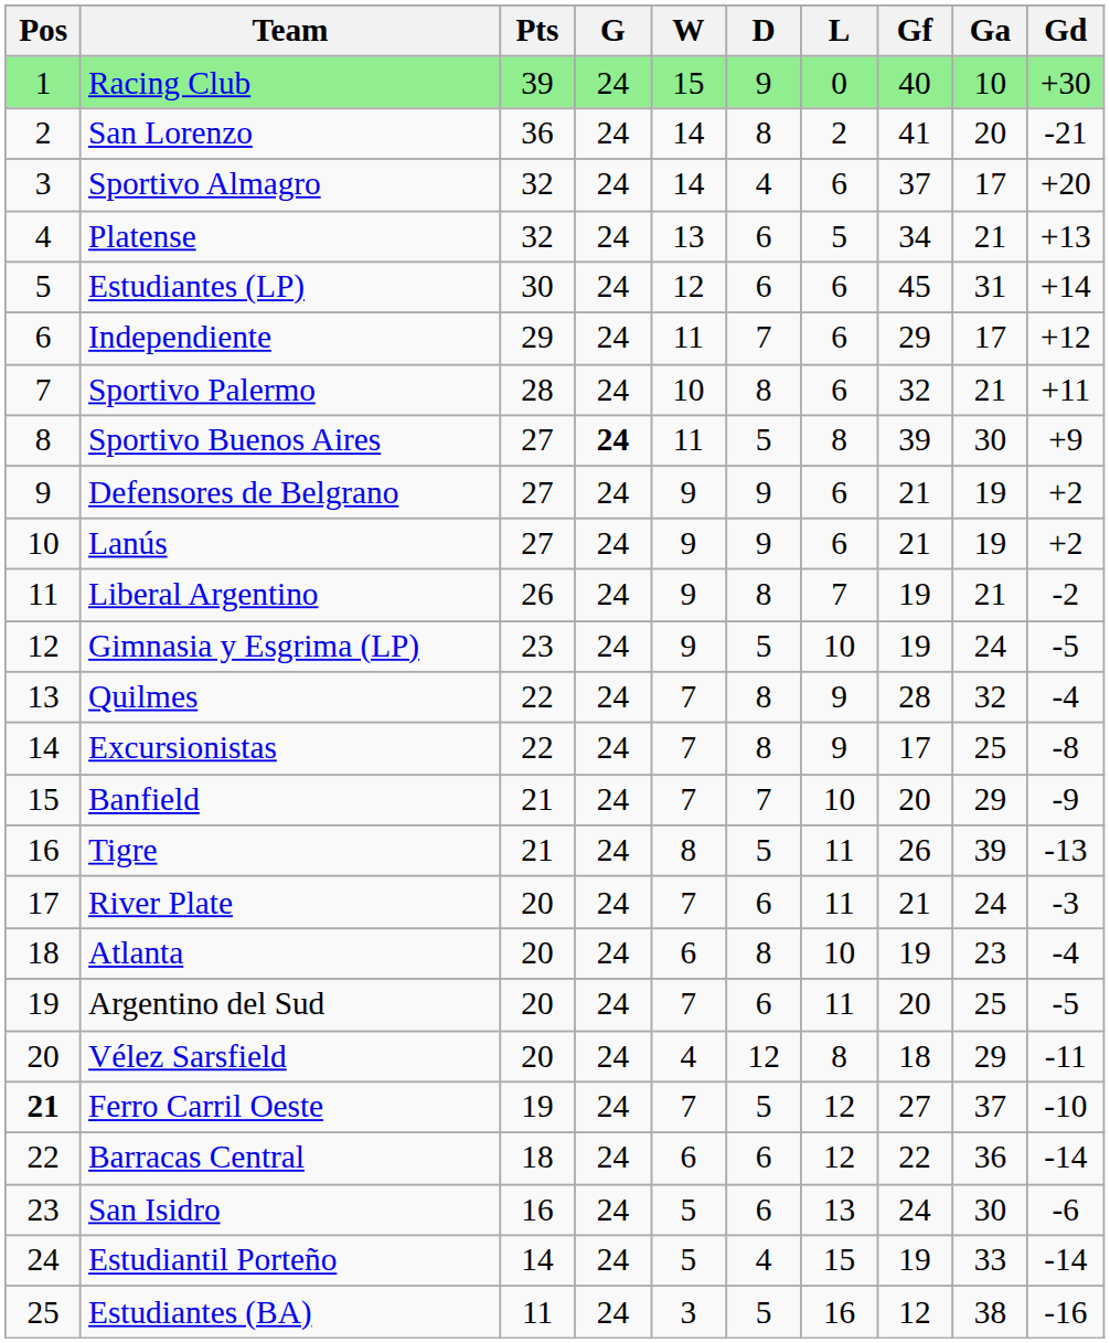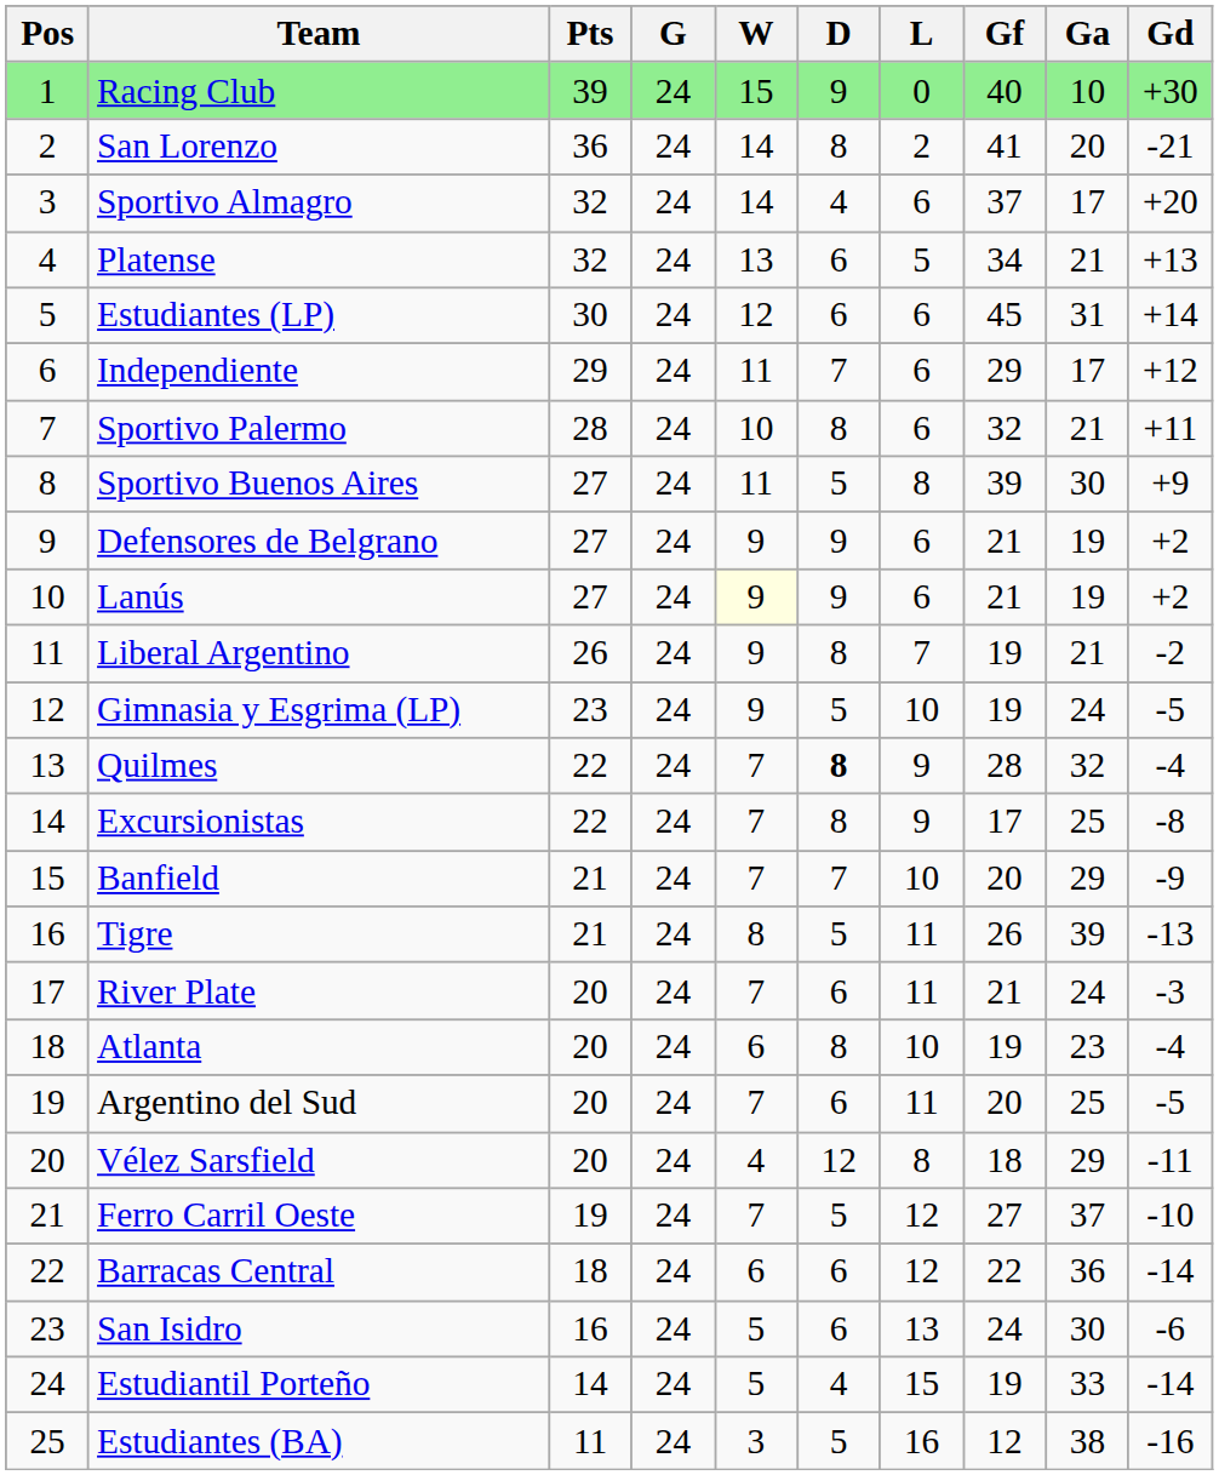 <table class="wikitable" style="text-align:center">
 <tr>
 <th width=30px>Pos</th>
 <th width=200px>Team</th>
 <th width=30px>Pts</th>
 <th width=30px>G</th>
 <th width=30px>W</th>
 <th width=30px>D</th>
 <th width=30px>L</th>
 <th width=30px>Gf</th>
 <th width=30px>Ga</th>
 <th width=30px>Gd</th>
 </tr>
 <tr bgcolor="lightgreen">
 <td>1</td>
 <td align="left"><a href='#'>Racing Club</a></td>
 <td>39</td>
 <td>24</td>
 <td>15</td>
 <td>9</td>
 <td>0</td>
 <td>40</td>
 <td>10</td>
 <td>+30</td>
 </tr>
 <tr>
 <td>2</td>
 <td align="left"><a href='#'>San Lorenzo</a></td>
 <td>36</td>
 <td>24</td>
 <td>14</td>
 <td>8</td>
 <td>2</td>
 <td>41</td>
 <td>20</td>
 <td>-21</td>
 </tr>
 <tr>
 <td>3</td>
 <td align="left"><a href='#'>Sportivo Almagro</a></td>
 <td>32</td>
 <td>24</td>
 <td>14</td>
 <td>4</td>
 <td>6</td>
 <td>37</td>
 <td>17</td>
 <td>+20</td>
 </tr>
 <tr>
 <td>4</td>
 <td align="left"><a href='#'>Platense</a></td>
 <td>32</td>
 <td>24</td>
 <td>13</td>
 <td>6</td>
 <td>5</td>
 <td>34</td>
 <td>21</td>
 <td>+13</td>
 </tr>
 <tr>
 <td>5</td>
 <td align="left"><a href='#'>Estudiantes (LP)</a></td>
 <td>30</td>
 <td>24</td>
 <td>12</td>
 <td>6</td>
 <td>6</td>
 <td>45</td>
 <td>31</td>
 <td>+14</td>
 </tr>
 <tr>
 <td>6</td>
 <td align="left"><a href='#'>Independiente</a></td>
 <td>29</td>
 <td>24</td>
 <td>11</td>
 <td>7</td>
 <td>6</td>
 <td>29</td>
 <td>17</td>
 <td>+12</td>
 </tr>
 <tr>
 <td>7</td>
 <td align="left"><a href='#'>Sportivo Palermo</a></td>
 <td>28</td>
 <td>24</td>
 <td>10</td>
 <td>8</td>
 <td>6</td>
 <td>32</td>
 <td>21</td>
 <td>+11</td>
 </tr>
 <tr>
 <td>8</td>
 <td align="left"><a href='#'>Sportivo Buenos Aires</a></td>
 <td>27</td>
-<td><strong>24</strong></td>
+<td>24</td>
 <td>11</td>
 <td>5</td>
 <td>8</td>
 <td>39</td>
 <td>30</td>
 <td>+9</td>
 </tr>
 <tr>
 <td>9</td>
 <td align="left"><a href='#'>Defensores de Belgrano</a></td>
 <td>27</td>
 <td>24</td>
 <td>9</td>
 <td>9</td>
 <td>6</td>
 <td>21</td>
 <td>19</td>
 <td>+2</td>
 </tr>
 <tr>
 <td>10</td>
 <td align="left"><a href='#'>Lanús</a></td>
 <td>27</td>
 <td>24</td>
-<td>9</td>
+<td style="background: lightyellow;">9</td>
 <td>9</td>
 <td>6</td>
 <td>21</td>
 <td>19</td>
 <td>+2</td>
 </tr>
 <tr>
 <td>11</td>
 <td align="left"><a href='#'>Liberal Argentino</a></td>
 <td>26</td>
 <td>24</td>
 <td>9</td>
 <td>8</td>
 <td>7</td>
 <td>19</td>
 <td>21</td>
 <td>-2</td>
 </tr>
 <tr>
 <td>12</td>
 <td align="left"><a href='#'>Gimnasia y Esgrima (LP)</a></td>
 <td>23</td>
 <td>24</td>
 <td>9</td>
 <td>5</td>
 <td>10</td>
 <td>19</td>
 <td>24</td>
 <td>-5</td>
 </tr>
 <tr>
 <td>13</td>
 <td align="left"><a href='#'>Quilmes</a></td>
 <td>22</td>
 <td>24</td>
 <td>7</td>
-<td>8</td>
+<td><strong>8</strong></td>
 <td>9</td>
 <td>28</td>
 <td>32</td>
 <td>-4</td>
 </tr>
 <tr>
 <td>14</td>
 <td align="left"><a href='#'>Excursionistas</a></td>
 <td>22</td>
 <td>24</td>
 <td>7</td>
 <td>8</td>
 <td>9</td>
 <td>17</td>
 <td>25</td>
 <td>-8</td>
 </tr>
 <tr>
 <td>15</td>
 <td align="left"><a href='#'>Banfield</a></td>
 <td>21</td>
 <td>24</td>
 <td>7</td>
 <td>7</td>
 <td>10</td>
 <td>20</td>
 <td>29</td>
 <td>-9</td>
 </tr>
 <tr>
 <td>16</td>
 <td align="left"><a href='#'>Tigre</a></td>
 <td>21</td>
 <td>24</td>
 <td>8</td>
 <td>5</td>
 <td>11</td>
 <td>26</td>
 <td>39</td>
 <td>-13</td>
 </tr>
 <tr>
 <td>17</td>
 <td align="left"><a href='#'>River Plate</a></td>
 <td>20</td>
 <td>24</td>
 <td>7</td>
 <td>6</td>
 <td>11</td>
 <td>21</td>
 <td>24</td>
 <td>-3</td>
 </tr>
 <tr>
 <td>18</td>
 <td align="left"><a href='#'>Atlanta</a></td>
 <td>20</td>
 <td>24</td>
 <td>6</td>
 <td>8</td>
 <td>10</td>
 <td>19</td>
 <td>23</td>
 <td>-4</td>
 </tr>
 <tr>
 <td>19</td>
 <td align="left">Argentino del Sud</td>
 <td>20</td>
 <td>24</td>
 <td>7</td>
 <td>6</td>
 <td>11</td>
 <td>20</td>
 <td>25</td>
 <td>-5</td>
 </tr>
 <tr>
 <td>20</td>
 <td align="left"><a href='#'>Vélez Sarsfield</a></td>
 <td>20</td>
 <td>24</td>
 <td>4</td>
 <td>12</td>
 <td>8</td>
 <td>18</td>
 <td>29</td>
 <td>-11</td>
 </tr>
 <tr>
-<td><strong>21</strong></td>
+<td>21</td>
 <td align="left"><a href='#'>Ferro Carril Oeste</a></td>
 <td>19</td>
 <td>24</td>
 <td>7</td>
 <td>5</td>
 <td>12</td>
 <td>27</td>
 <td>37</td>
 <td>-10</td>
 </tr>
 <tr>
 <td>22</td>
 <td align="left"><a href='#'>Barracas Central</a></td>
 <td>18</td>
 <td>24</td>
 <td>6</td>
 <td>6</td>
 <td>12</td>
 <td>22</td>
 <td>36</td>
 <td>-14</td>
 </tr>
 <tr>
 <td>23</td>
 <td align="left"><a href='#'>San Isidro</a></td>
 <td>16</td>
 <td>24</td>
 <td>5</td>
 <td>6</td>
 <td>13</td>
 <td>24</td>
 <td>30</td>
 <td>-6</td>
 </tr>
 <tr>
 <td>24</td>
 <td align="left"><a href='#'>Estudiantil Porteño</a></td>
 <td>14</td>
 <td>24</td>
 <td>5</td>
 <td>4</td>
 <td>15</td>
 <td>19</td>
 <td>33</td>
 <td>-14</td>
 </tr>
 <tr>
 <td>25</td>
 <td align="left"><a href='#'>Estudiantes (BA)</a></td>
 <td>11</td>
 <td>24</td>
 <td>3</td>
 <td>5</td>
 <td>16</td>
 <td>12</td>
 <td>38</td>
 <td>-16</td>
 </tr>
 <tr>
 </tr>
 </table>
